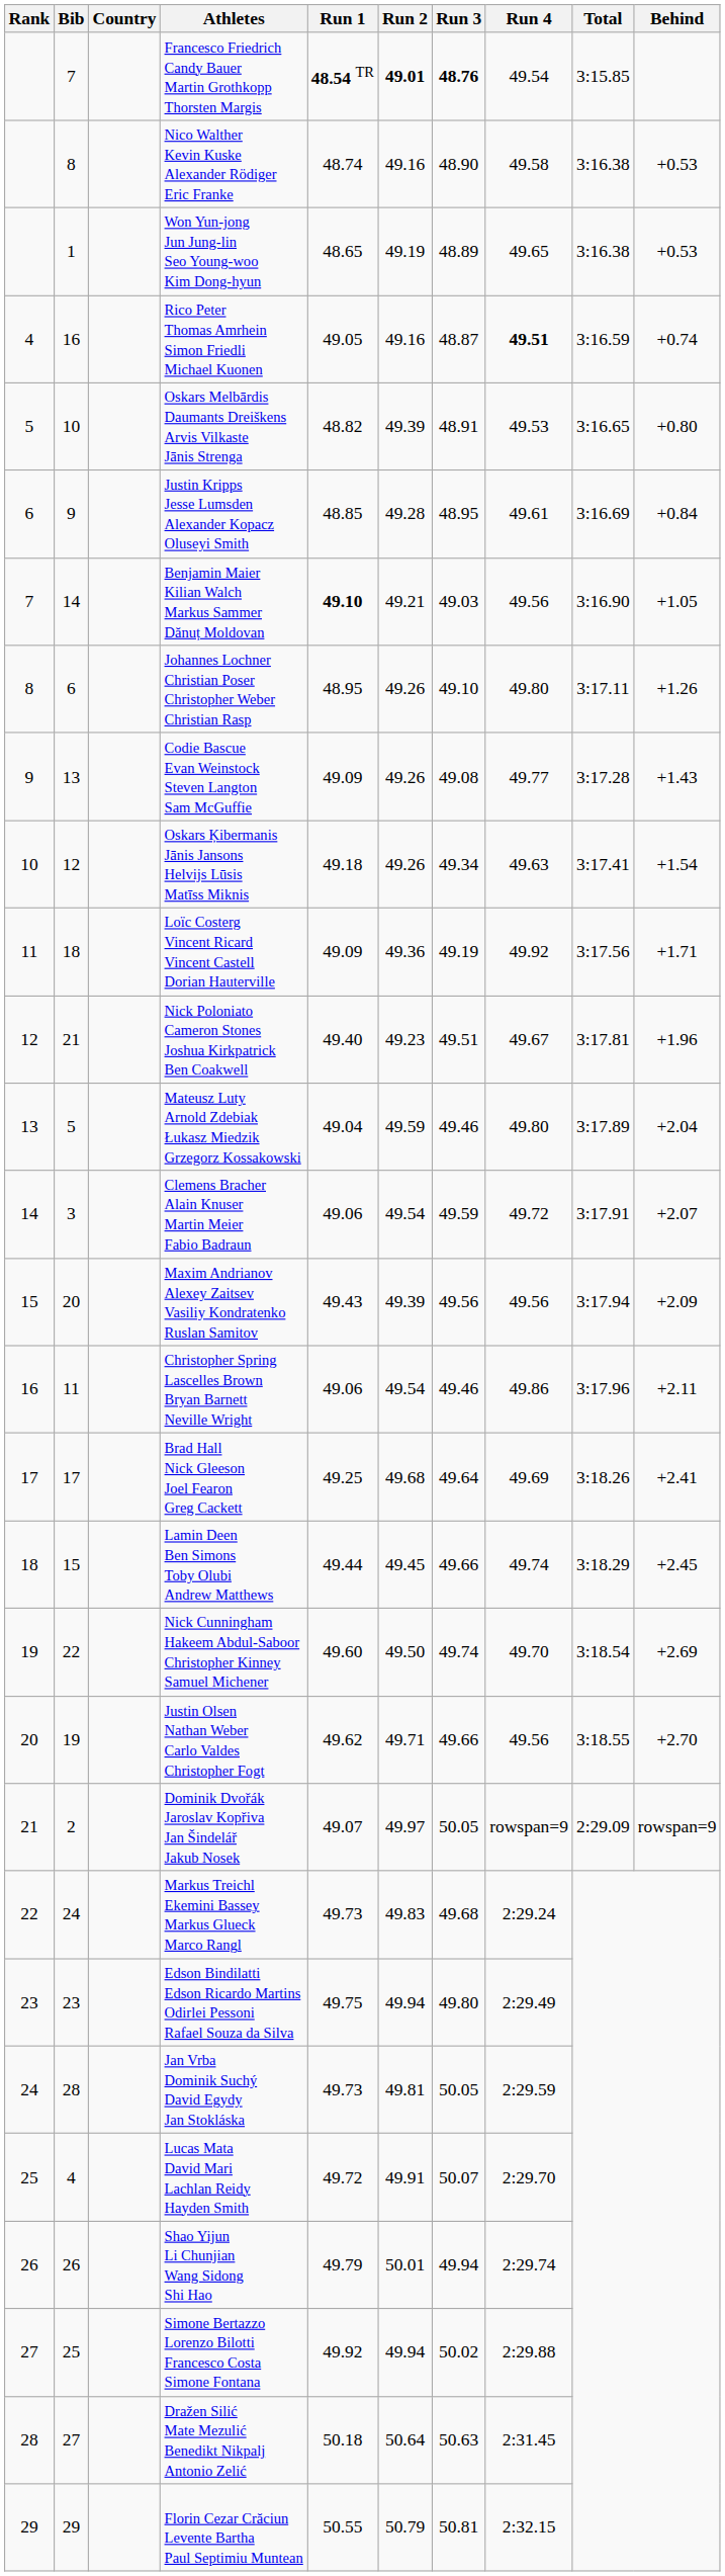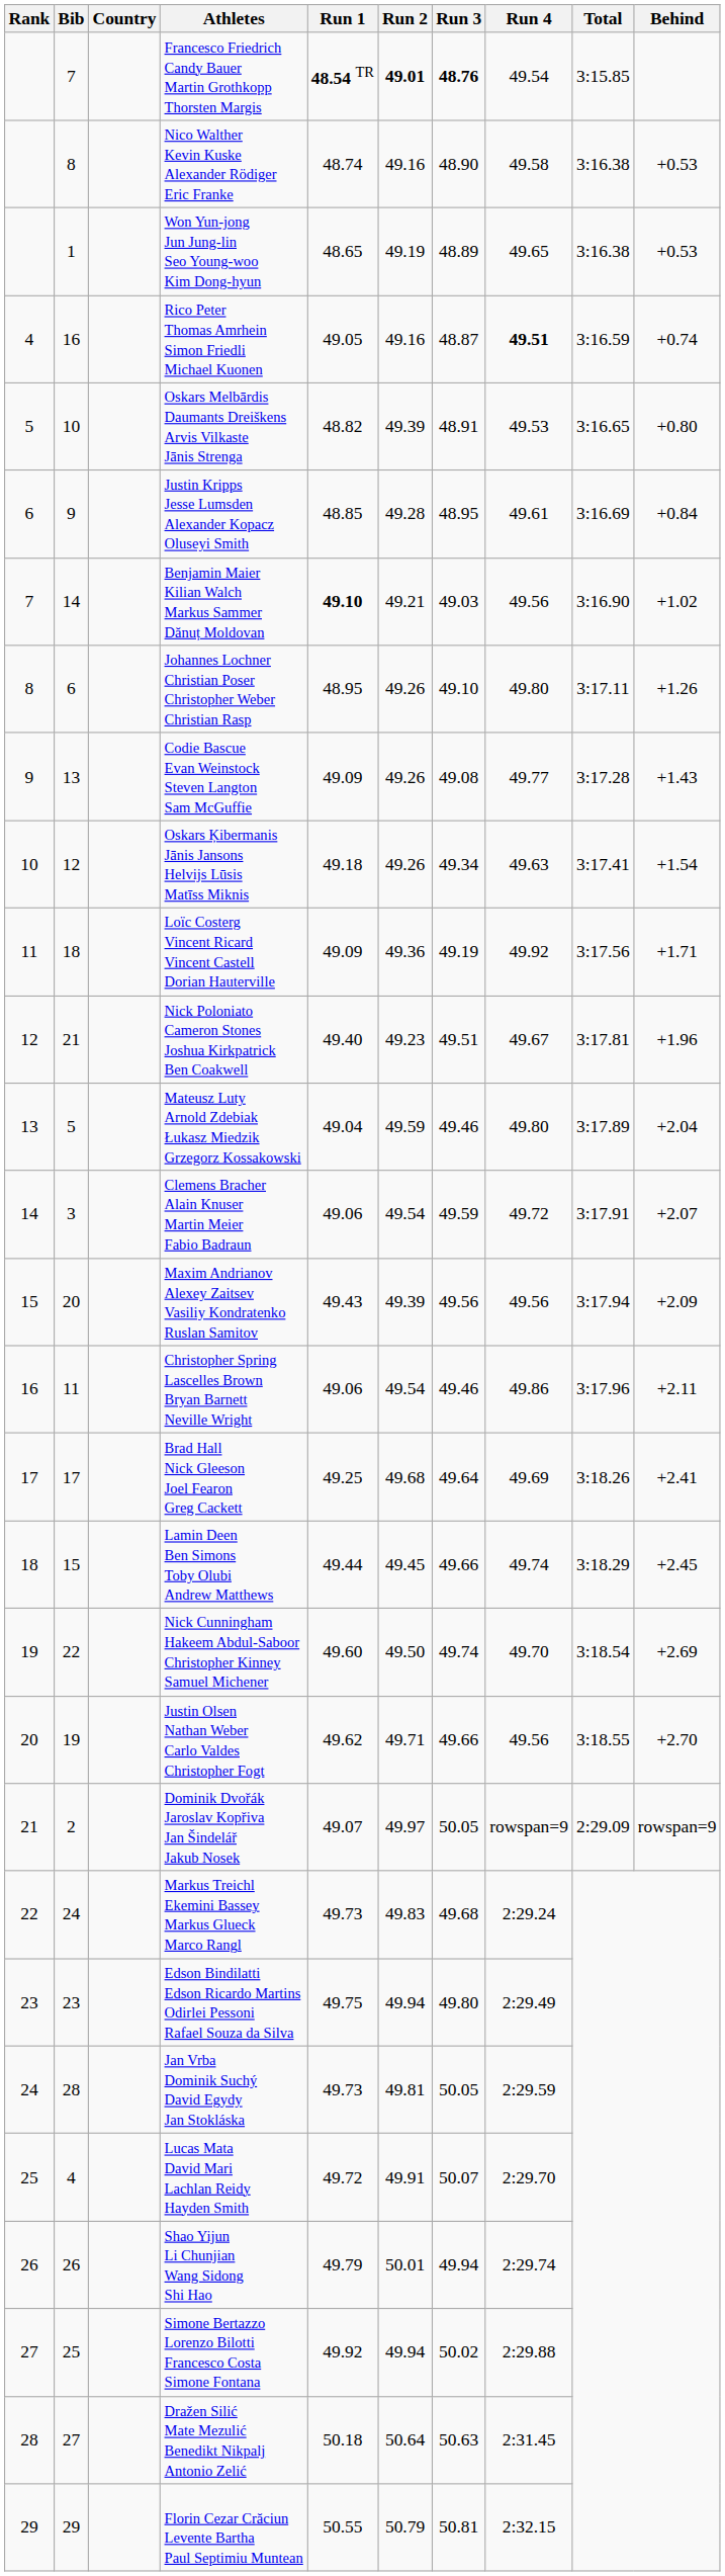 <table class="wikitable sortable" style="text-align:center">
 <tr>
 <th>Rank</th>
 <th>Bib</th>
 <th>Country</th>
 <th>Athletes</th>
 <th>Run 1</th>
 <th>Run 2</th>
 <th>Run 3</th>
 <th>Run 4</th>
 <th>Total</th>
 <th>Behind</th>
 </tr>
 <tr>
 <td></td>
 <td>7</td>
 <td align="left"></td>
 <td align="left"><small><a href='#'>Francesco Friedrich</a><br><a href='#'>Candy Bauer</a><br><a href='#'>Martin Grothkopp</a><br><a href='#'>Thorsten Margis</a> </small></td>
 <td><strong>48.54</strong> <sup>TR</sup></td>
 <td><strong>49.01</strong></td>
 <td><strong>48.76</strong></td>
 <td>49.54</td>
 <td>3:15.85</td>
 <td></td>
 </tr>
 <tr>
 <td></td>
 <td>8</td>
 <td align="left"></td>
 <td align="left"><small><a href='#'>Nico Walther</a><br><a href='#'>Kevin Kuske</a><br><a href='#'>Alexander Rödiger</a><br><a href='#'>Eric Franke</a></small></td>
 <td>48.74</td>
 <td>49.16</td>
 <td>48.90</td>
 <td>49.58</td>
 <td>3:16.38</td>
 <td>+0.53</td>
 </tr>
 <tr>
 <td></td>
 <td>1</td>
 <td align="left"></td>
 <td align="left"><small><a href='#'>Won Yun-jong</a><br><a href='#'>Jun Jung-lin</a><br><a href='#'>Seo Young-woo</a><br><a href='#'>Kim Dong-hyun</a> </small></td>
 <td>48.65</td>
 <td>49.19</td>
 <td>48.89</td>
 <td>49.65</td>
 <td>3:16.38</td>
 <td>+0.53</td>
 </tr>
 <tr>
 <td>4</td>
 <td>16</td>
 <td align="left"></td>
 <td align="left"><small><a href='#'>Rico Peter</a><br><a href='#'>Thomas Amrhein</a><br><a href='#'>Simon Friedli</a><br><a href='#'>Michael Kuonen</a></small></td>
 <td>49.05</td>
 <td>49.16</td>
 <td>48.87</td>
 <td><strong>49.51</strong></td>
 <td>3:16.59</td>
 <td>+0.74</td>
 </tr>
 <tr>
 <td>5</td>
 <td>10</td>
 <td align="left"></td>
 <td align="left"><small><a href='#'>Oskars Melbārdis</a><br><a href='#'>Daumants Dreiškens</a><br><a href='#'>Arvis Vilkaste</a><br><a href='#'>Jānis Strenga</a> </small></td>
 <td>48.82</td>
 <td>49.39</td>
 <td>48.91</td>
 <td>49.53</td>
 <td>3:16.65</td>
 <td>+0.80</td>
 </tr>
 <tr>
 <td>6</td>
 <td>9</td>
 <td align="left"></td>
 <td align="left"><small><a href='#'>Justin Kripps</a><br><a href='#'>Jesse Lumsden</a><br><a href='#'>Alexander Kopacz</a><br><a href='#'>Oluseyi Smith</a> </small></td>
 <td>48.85</td>
 <td>49.28</td>
 <td>48.95</td>
 <td>49.61</td>
 <td>3:16.69</td>
 <td>+0.84</td>
 </tr>
 <tr>
 <td>7</td>
 <td>14</td>
 <td align="left"></td>
 <td align="left"><small><a href='#'>Benjamin Maier</a><br><a href='#'>Kilian Walch</a><br><a href='#'>Markus Sammer</a><br><a href='#'>Dănuț Moldovan</a></small></td>
 <td><strong>49.10</strong></td>
 <td>49.21</td>
 <td>49.03</td>
 <td>49.56</td>
 <td>3:16.90</td>
-<td>+1.05</td>
+<td>+1.02</td>
 </tr>
 <tr>
 <td>8</td>
 <td>6</td>
 <td align="left"></td>
 <td align="left"><small><a href='#'>Johannes Lochner</a><br><a href='#'>Christian Poser</a><br><a href='#'>Christopher Weber</a><br><a href='#'>Christian Rasp</a> </small></td>
 <td>48.95</td>
 <td>49.26</td>
 <td>49.10</td>
 <td>49.80</td>
 <td>3:17.11</td>
 <td>+1.26</td>
 </tr>
 <tr>
 <td>9</td>
 <td>13</td>
 <td align="left"></td>
 <td align="left"><small><a href='#'>Codie Bascue</a><br><a href='#'>Evan Weinstock</a><br><a href='#'>Steven Langton</a><br><a href='#'>Sam McGuffie</a></small></td>
 <td>49.09</td>
 <td>49.26</td>
 <td>49.08</td>
 <td>49.77</td>
 <td>3:17.28</td>
 <td>+1.43</td>
 </tr>
 <tr>
 <td>10</td>
 <td>12</td>
 <td align="left"></td>
 <td align="left"><small><a href='#'>Oskars Ķibermanis</a><br><a href='#'>Jānis Jansons</a><br><a href='#'>Helvijs Lūsis</a><br><a href='#'>Matīss Miknis</a></small></td>
 <td>49.18</td>
 <td>49.26</td>
 <td>49.34</td>
 <td>49.63</td>
 <td>3:17.41</td>
 <td>+1.54</td>
 </tr>
 <tr>
 <td>11</td>
 <td>18</td>
 <td align="left"></td>
 <td align="left"><small><a href='#'>Loïc Costerg</a><br><a href='#'>Vincent Ricard</a><br><a href='#'>Vincent Castell</a><br><a href='#'>Dorian Hauterville</a></small></td>
 <td>49.09</td>
 <td>49.36</td>
 <td>49.19</td>
 <td>49.92</td>
 <td>3:17.56</td>
 <td>+1.71</td>
 </tr>
 <tr>
 <td>12</td>
 <td>21</td>
 <td align="left"></td>
 <td align="left"><small><a href='#'>Nick Poloniato</a><br><a href='#'>Cameron Stones</a><br><a href='#'>Joshua Kirkpatrick</a><br><a href='#'>Ben Coakwell</a> </small></td>
 <td>49.40</td>
 <td>49.23</td>
 <td>49.51</td>
 <td>49.67</td>
 <td>3:17.81</td>
 <td>+1.96</td>
 </tr>
 <tr>
 <td>13</td>
 <td>5</td>
 <td align="left"></td>
 <td align="left"><small><a href='#'>Mateusz Luty</a><br><a href='#'>Arnold Zdebiak</a> <br> <a href='#'>Łukasz Miedzik</a><br><a href='#'>Grzegorz Kossakowski</a></small></td>
 <td>49.04</td>
 <td>49.59</td>
 <td>49.46</td>
 <td>49.80</td>
 <td>3:17.89</td>
 <td>+2.04</td>
 </tr>
 <tr>
 <td>14</td>
 <td>3</td>
 <td align="left"></td>
 <td align="left"><small><a href='#'>Clemens Bracher</a><br><a href='#'>Alain Knuser</a><br><a href='#'>Martin Meier</a><br><a href='#'>Fabio Badraun</a></small></td>
 <td>49.06</td>
 <td>49.54</td>
 <td>49.59</td>
 <td>49.72</td>
 <td>3:17.91</td>
 <td>+2.07</td>
 </tr>
 <tr>
 <td>15</td>
 <td>20</td>
 <td align="left"></td>
 <td align="left"><small><a href='#'>Maxim Andrianov</a><br><a href='#'>Alexey Zaitsev</a><br><a href='#'>Vasiliy Kondratenko</a><br><a href='#'>Ruslan Samitov</a></small></td>
 <td>49.43</td>
 <td>49.39</td>
 <td>49.56</td>
 <td>49.56</td>
 <td>3:17.94</td>
 <td>+2.09</td>
 </tr>
 <tr>
 <td>16</td>
 <td>11</td>
 <td align="left"></td>
 <td align="left"><small><a href='#'>Christopher Spring</a><br><a href='#'>Lascelles Brown</a><br><a href='#'>Bryan Barnett</a><br><a href='#'>Neville Wright</a></small></td>
 <td>49.06</td>
 <td>49.54</td>
 <td>49.46</td>
 <td>49.86</td>
 <td>3:17.96</td>
 <td>+2.11</td>
 </tr>
 <tr>
 <td>17</td>
 <td>17</td>
 <td align="left"></td>
 <td align="left"><small><a href='#'>Brad Hall</a><br><a href='#'>Nick  Gleeson</a><br><a href='#'>Joel Fearon</a><br><a href='#'>Greg Cackett</a> </small></td>
 <td>49.25</td>
 <td>49.68</td>
 <td>49.64</td>
 <td>49.69</td>
 <td>3:18.26</td>
 <td>+2.41</td>
 </tr>
 <tr>
 <td>18</td>
 <td>15</td>
 <td align="left"></td>
 <td align="left"><small><a href='#'>Lamin Deen</a><br><a href='#'>Ben Simons</a><br><a href='#'>Toby Olubi</a> <br><a href='#'>Andrew Matthews</a></small></td>
 <td>49.44</td>
 <td>49.45</td>
 <td>49.66</td>
 <td>49.74</td>
 <td>3:18.29</td>
 <td>+2.45</td>
 </tr>
 <tr>
 <td>19</td>
 <td>22</td>
 <td align="left"></td>
 <td align="left"><small><a href='#'>Nick Cunningham</a><br><a href='#'>Hakeem Abdul-Saboor</a><br><a href='#'>Christopher Kinney</a><br><a href='#'>Samuel Michener</a> </small></td>
 <td>49.60</td>
 <td>49.50</td>
 <td>49.74</td>
 <td>49.70</td>
 <td>3:18.54</td>
 <td>+2.69</td>
 </tr>
 <tr>
 <td>20</td>
 <td>19</td>
 <td align="left"></td>
 <td align="left"><small><a href='#'>Justin Olsen</a><br><a href='#'>Nathan Weber</a><br><a href='#'>Carlo Valdes</a><br><a href='#'>Christopher Fogt</a></small></td>
 <td>49.62</td>
 <td>49.71</td>
 <td>49.66</td>
 <td>49.56</td>
 <td>3:18.55</td>
 <td>+2.70</td>
 </tr>
 <tr>
 <td>21</td>
 <td>2</td>
 <td align="left"></td>
 <td align="left"><small><a href='#'>Dominik Dvořák</a><br><a href='#'>Jaroslav Kopřiva</a><br><a href='#'>Jan Šindelář</a><br><a href='#'>Jakub Nosek</a> </small></td>
 <td>49.07</td>
 <td>49.97</td>
 <td>50.05</td>
 <td>rowspan=9 </td>
 <td>2:29.09</td>
 <td>rowspan=9 </td>
 </tr>
 <tr>
 <td>22</td>
 <td>24</td>
 <td align="left"></td>
 <td align="left"><small><a href='#'>Markus Treichl</a><br><a href='#'>Ekemini Bassey</a><br><a href='#'>Markus Glueck</a><br><a href='#'>Marco Rangl</a></small></td>
 <td>49.73</td>
 <td>49.83</td>
 <td>49.68</td>
 <td>2:29.24</td>
 </tr>
 <tr>
 <td>23</td>
 <td>23</td>
 <td align="left"></td>
 <td align="left"><small><a href='#'>Edson Bindilatti</a><br><a href='#'>Edson Ricardo Martins</a><br><a href='#'>Odirlei Pessoni</a><br><a href='#'>Rafael Souza da Silva</a></small></td>
 <td>49.75</td>
 <td>49.94</td>
 <td>49.80</td>
 <td>2:29.49</td>
 </tr>
 <tr>
 <td>24</td>
 <td>28</td>
 <td align="left"></td>
 <td align="left"><small><a href='#'>Jan Vrba</a><br><a href='#'>Dominik Suchý</a><br><a href='#'>David Egydy</a><br><a href='#'>Jan Stokláska</a></small></td>
 <td>49.73</td>
 <td>49.81</td>
 <td>50.05</td>
 <td>2:29.59</td>
 </tr>
 <tr>
 <td>25</td>
 <td>4</td>
 <td align="left"></td>
 <td align="left"><small><a href='#'>Lucas Mata</a><br><a href='#'>David Mari</a><br><a href='#'>Lachlan Reidy</a><br><a href='#'>Hayden Smith</a> </small></td>
 <td>49.72</td>
 <td>49.91</td>
 <td>50.07</td>
 <td>2:29.70</td>
 </tr>
 <tr>
 <td>26</td>
 <td>26</td>
 <td align="left"></td>
 <td align="left"><small><a href='#'>Shao Yijun</a><br><a href='#'>Li Chunjian</a><br><a href='#'>Wang Sidong</a><br><a href='#'>Shi Hao</a></small></td>
 <td>49.79</td>
 <td>50.01</td>
 <td>49.94</td>
 <td>2:29.74</td>
 </tr>
 <tr>
 <td>27</td>
 <td>25</td>
 <td align="left"></td>
 <td align="left"><small><a href='#'>Simone Bertazzo</a><br><a href='#'>Lorenzo Bilotti</a><br><a href='#'>Francesco Costa</a><br><a href='#'>Simone Fontana</a> </small></td>
 <td>49.92</td>
 <td>49.94</td>
 <td>50.02</td>
 <td>2:29.88</td>
 </tr>
 <tr>
 <td>28</td>
 <td>27</td>
 <td align="left"></td>
 <td align="left"><small><a href='#'>Dražen Silić</a><br><a href='#'>Mate Mezulić</a><br><a href='#'>Benedikt Nikpalj</a><br><a href='#'>Antonio Zelić</a> </small></td>
 <td>50.18</td>
 <td>50.64</td>
 <td>50.63</td>
 <td>2:31.45</td>
 </tr>
 <tr>
 <td>29</td>
 <td>29</td>
 <td align="left"></td>
 <td align="left"><small><br><a href='#'>Florin Cezar Crăciun</a><br><a href='#'>Levente Bartha</a><br><a href='#'>Paul Septimiu Muntean</a></small></td>
 <td>50.55</td>
 <td>50.79</td>
 <td>50.81</td>
 <td>2:32.15</td>
 </tr>
 </table>
